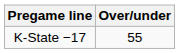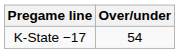 <table class="wikitable" style="margin-left: auto; margin-right: auto; border: none; display: inline-table;">
 <tr align="center">
 <th style=>Pregame line</th>
 <th style=>Over/under</th>
 </tr>
 <tr align="center">
 <td>K-State −17</td>
-<td>55</td>
+<td>54</td>
 </tr>
 </table>
